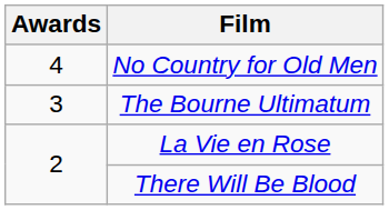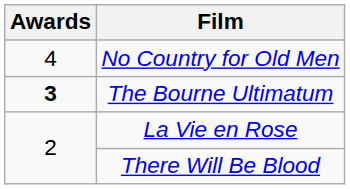 <table class="wikitable plainrowheaders" style="text-align: center;">
 <tr>
 <th scope="col" width="55">Awards</th>
 <th scope="col" align="center">Film</th>
 </tr>
 <tr>
 <td style="text-align: center;">4</td>
 <td><em><a href='#'>No Country for Old Men</a></em></td>
 </tr>
 <tr>
-<td style="text-align: center;">3</td>
+<td style="text-align: center;"><strong>3</strong></td>
 <td><em><a href='#'>The Bourne Ultimatum</a></em></td>
 </tr>
 <tr>
 <td rowspan=2 style="text-align: center;">2</td>
 <td><em><a href='#'>La Vie en Rose</a></em></td>
 </tr>
 <tr>
 <td><em><a href='#'>There Will Be Blood</a></em></td>
 </tr>
 </table>
